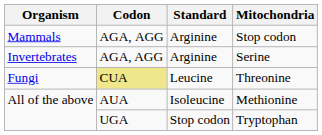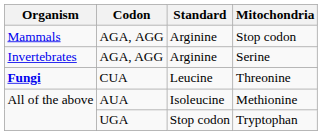 <table class="wikitable">
 <tr>
 <th>Organism</th>
 <th>Codon</th>
 <th>Standard</th>
 <th>Mitochondria</th>
 </tr>
 <tr>
 <td><a href='#'>Mammals</a></td>
 <td>AGA, AGG</td>
 <td>Arginine</td>
 <td>Stop codon</td>
 </tr>
 <tr>
 <td><a href='#'>Invertebrates</a></td>
 <td>AGA, AGG</td>
 <td>Arginine</td>
 <td>Serine</td>
 </tr>
 <tr>
-<td><a href='#'>Fungi</a></td>
-<td style="background: khaki;">CUA</td>
+<td><strong><a href='#'>Fungi</a></strong></td>
+<td>CUA</td>
 <td>Leucine</td>
 <td>Threonine</td>
 </tr>
 <tr valign="top">
 <td rowspan=2>All of the above</td>
 <td>AUA</td>
 <td>Isoleucine</td>
 <td>Methionine</td>
 </tr>
 <tr>
 <td>UGA</td>
 <td>Stop codon</td>
 <td>Tryptophan</td>
 </tr>
 </table>
